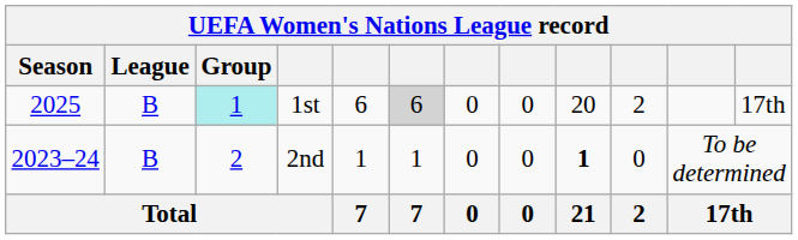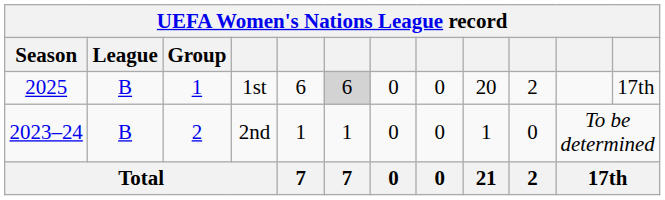 <table class="wikitable" style="text-align: center;">
 <tr>
 <th colspan=13><a href='#'>UEFA Women's Nations League</a> record</th>
 </tr>
 <tr>
 <th>Season</th>
 <th>League</th>
 <th>Group</th>
 <th width=28></th>
 <th width=28></th>
 <th width=28></th>
 <th width=28></th>
 <th width=28></th>
 <th width=28></th>
 <th width=28></th>
 <th width=35></th>
 <th width=28></th>
 </tr>
 <tr>
 <td><a href='#'>2025</a></td>
 <td><a href='#'>B</a></td>
-<td style="background: paleturquoise;"><a href='#'>1</a></td>
+<td><a href='#'>1</a></td>
 <td>1st</td>
 <td>6</td>
 <td style="background: lightgrey;">6</td>
 <td>0</td>
 <td>0</td>
 <td>20</td>
 <td>2</td>
 <td></td>
 <td>17th</td>
 </tr>
 <tr>
 <td><a href='#'>2023–24</a></td>
 <td><a href='#'>B</a></td>
 <td><a href='#'>2</a></td>
 <td>2nd</td>
 <td>1</td>
 <td>1</td>
 <td>0</td>
 <td>0</td>
-<td><strong>1</strong></td>
+<td>1</td>
 <td>0</td>
 <td colspan=2><em>To be determined</em></td>
 </tr>
 <tr>
 <th colspan=4>Total</th>
 <th>7</th>
 <th>7</th>
 <th>0</th>
 <th>0</th>
 <th>21</th>
 <th>2</th>
 <th colspan=2>17th</th>
 </tr>
 </table>
